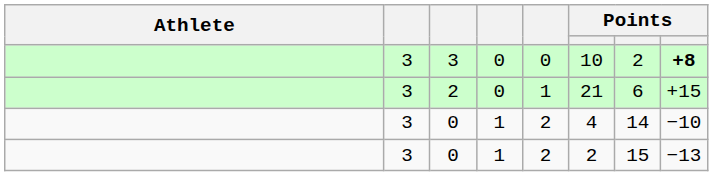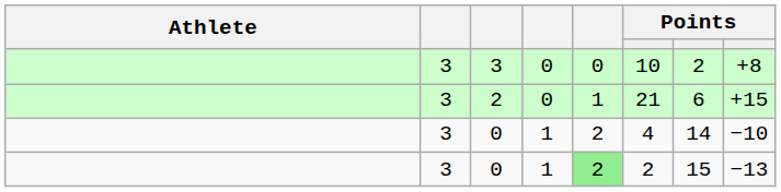 <table class="wikitable" style="text-align: center; font-size:100% ">
 <tr>
 <th rowspan=2 width=250>Athlete</th>
 <th rowspan=2 width=25></th>
 <th rowspan=2 width=25></th>
 <th rowspan=2 width=25></th>
 <th rowspan=2 width=25></th>
 <th colspan=3>Points</th>
 </tr>
 <tr>
 <th width=25></th>
 <th width=25></th>
 <th width=25></th>
 </tr>
 <tr bgcolor="ccffcc">
 <td align=left></td>
 <td>3</td>
 <td>3</td>
 <td>0</td>
 <td>0</td>
 <td>10</td>
 <td>2</td>
-<td><strong>+8</strong></td>
+<td>+8</td>
 </tr>
 <tr bgcolor="ccffcc">
 <td align=left></td>
 <td>3</td>
 <td>2</td>
 <td>0</td>
 <td>1</td>
 <td>21</td>
 <td>6</td>
 <td>+15</td>
 </tr>
 <tr>
 <td align=left></td>
 <td>3</td>
 <td>0</td>
 <td>1</td>
 <td>2</td>
 <td>4</td>
 <td>14</td>
 <td>−10</td>
 </tr>
 <tr>
 <td align=left></td>
 <td>3</td>
 <td>0</td>
 <td>1</td>
-<td>2</td>
+<td style="background: lightgreen;">2</td>
 <td>2</td>
 <td>15</td>
 <td>−13</td>
 </tr>
 </table>
